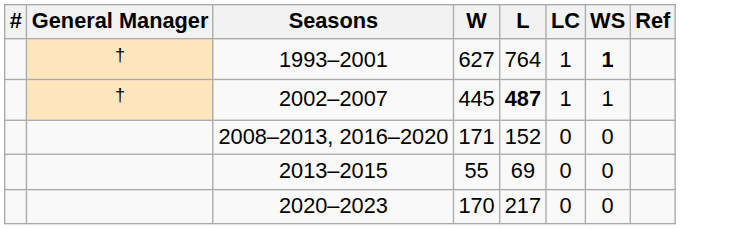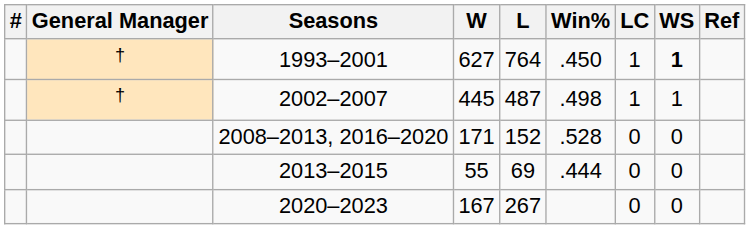 <table class="wikitable sortable" style="text-align:center">
 <tr>
 <th class="unsortable">#</th>
 <th>General Manager</th>
 <th>Seasons</th>
 <th>W</th>
 <th>L</th>
+<th>Win%</th>
 <th>LC</th>
 <th>WS</th>
 <th class="unsortable">Ref</th>
 </tr>
 <tr>
 <td align="center"></td>
 <td style="background-color:#FFE6BD"><sup>†</sup></td>
 <td>1993–2001</td>
 <td>627</td>
 <td>764</td>
+<td>.450</td>
 <td>1</td>
 <td><strong>1</strong></td>
 <td></td>
 </tr>
 <tr>
 <td align="center"></td>
 <td style="background-color:#FFE6BD"><sup>†</sup></td>
 <td>2002–2007</td>
 <td>445</td>
-<td><strong>487</strong></td>
+<td>487</td>
+<td>.498</td>
 <td>1</td>
 <td>1</td>
 <td></td>
 </tr>
 <tr>
 <td align="center"></td>
 <td></td>
 <td>2008–2013, 2016–2020</td>
 <td>171</td>
 <td>152</td>
+<td>.528</td>
 <td>0</td>
 <td>0</td>
 <td></td>
 </tr>
 <tr>
 <td align="center"></td>
 <td></td>
 <td>2013–2015</td>
 <td>55</td>
 <td>69</td>
+<td>.444</td>
 <td>0</td>
 <td>0</td>
 <td></td>
 </tr>
 <tr>
 <td align="center"></td>
 <td></td>
 <td>2020–2023</td>
-<td>170</td>
-<td>217</td>
+<td>167</td>
+<td>267</td>
+<td></td>
 <td>0</td>
 <td>0</td>
 <td></td>
 </tr>
 </table>
